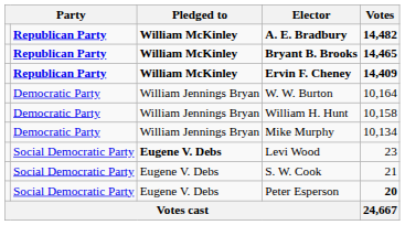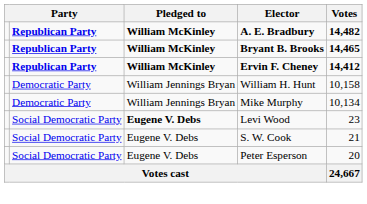 <table class="wikitable">
 <tr>
 <th colspan=2>Party</th>
 <th>Pledged to</th>
 <th>Elector</th>
 <th>Votes</th>
 </tr>
 <tr style="font-weight:bold">
 <td></td>
 <td><a href='#'>Republican Party</a></td>
 <td>William McKinley</td>
 <td>A. E. Bradbury</td>
 <td align="right">14,482</td>
 </tr>
 <tr style="font-weight:bold">
 <td></td>
 <td><a href='#'>Republican Party</a></td>
 <td>William McKinley</td>
 <td>Bryant B. Brooks</td>
 <td align="right">14,465</td>
 </tr>
 <tr style="font-weight:bold">
 <td></td>
 <td><a href='#'>Republican Party</a></td>
 <td>William McKinley</td>
 <td>Ervin F. Cheney</td>
-<td align="right">14,409</td>
-</tr>
-<tr>
-<td></td>
-<td><a href='#'>Democratic Party</a></td>
-<td>William Jennings Bryan</td>
-<td>W. W. Burton</td>
-<td align="right">10,164</td>
+<td align="right">14,412</td>
 </tr>
 <tr>
 <td></td>
 <td><a href='#'>Democratic Party</a></td>
 <td>William Jennings Bryan</td>
 <td>William H. Hunt</td>
 <td align="right">10,158</td>
 </tr>
 <tr>
 <td></td>
 <td><a href='#'>Democratic Party</a></td>
 <td>William Jennings Bryan</td>
 <td>Mike Murphy</td>
 <td align="right">10,134</td>
 </tr>
 <tr>
 <td></td>
 <td><a href='#'>Social Democratic Party</a></td>
 <td><strong>Eugene V. Debs</strong></td>
 <td>Levi Wood</td>
 <td align="right">23</td>
 </tr>
 <tr>
 <td></td>
 <td><a href='#'>Social Democratic Party</a></td>
 <td>Eugene V. Debs</td>
 <td>S. W. Cook</td>
 <td align="right">21</td>
 </tr>
 <tr>
 <td></td>
 <td><a href='#'>Social Democratic Party</a></td>
 <td>Eugene V. Debs</td>
 <td>Peter Esperson</td>
-<td align="right"><strong>20</strong></td>
+<td align="right">20</td>
 </tr>
 <tr>
 <th colspan="4">Votes cast</th>
 <th>24,667</th>
 </tr>
 </table>
